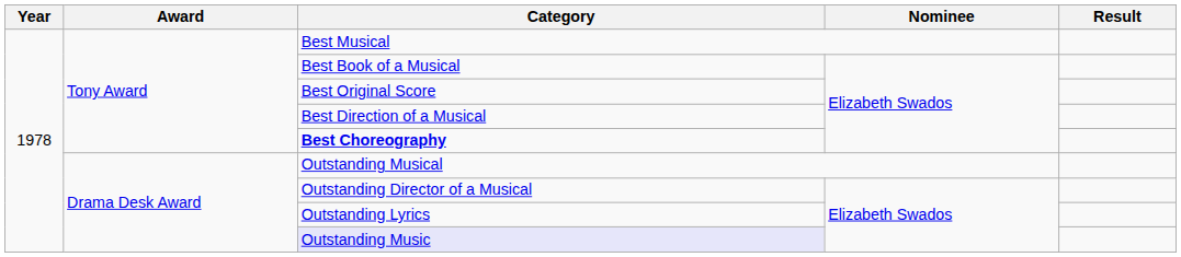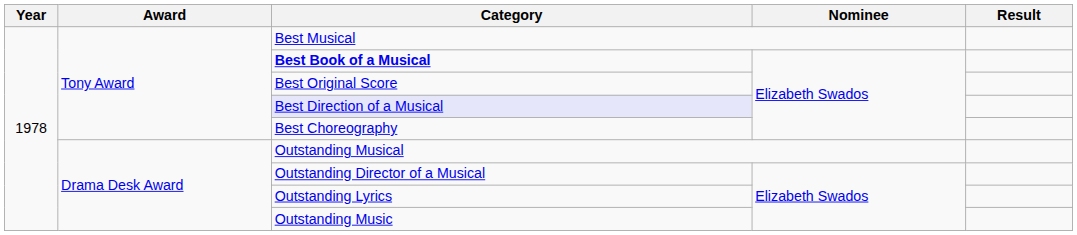 <table class="wikitable" width="95%">
 <tr>
 <th width="5%">Year</th>
 <th width="20%">Award</th>
 <th width="45%">Category</th>
 <th width="20%">Nominee</th>
 <th width="10%">Result</th>
 </tr>
 <tr>
 <td rowspan="9" align="center">1978</td>
 <td rowspan="5"><a href='#'>Tony Award</a></td>
 <td colspan="2"><a href='#'>Best Musical</a></td>
 <td></td>
 </tr>
 <tr>
-<td><a href='#'>Best Book of a Musical</a></td>
+<td><strong><a href='#'>Best Book of a Musical</a></strong></td>
 <td rowspan="4"><a href='#'>Elizabeth Swados</a></td>
 <td></td>
 </tr>
 <tr>
 <td><a href='#'>Best Original Score</a></td>
 <td></td>
 </tr>
 <tr>
-<td><a href='#'>Best Direction of a Musical</a></td>
+<td style="background: lavender;"><a href='#'>Best Direction of a Musical</a></td>
 <td></td>
 </tr>
 <tr>
-<td><strong><a href='#'>Best Choreography</a></strong></td>
+<td><a href='#'>Best Choreography</a></td>
 <td></td>
 </tr>
 <tr>
 <td rowspan="4"><a href='#'>Drama Desk Award</a></td>
 <td colspan="2"><a href='#'>Outstanding Musical</a></td>
 <td></td>
 </tr>
 <tr>
 <td><a href='#'>Outstanding Director of a Musical</a></td>
 <td rowspan="3"><a href='#'>Elizabeth Swados</a></td>
 <td></td>
 </tr>
 <tr>
 <td><a href='#'>Outstanding Lyrics</a></td>
 <td></td>
 </tr>
 <tr>
-<td style="background: lavender;"><a href='#'>Outstanding Music</a></td>
+<td><a href='#'>Outstanding Music</a></td>
 <td></td>
 </tr>
 </table>
